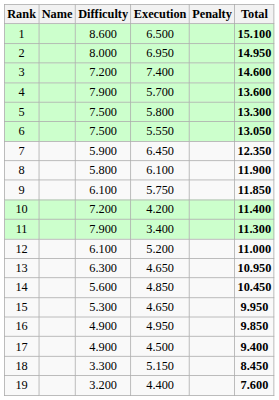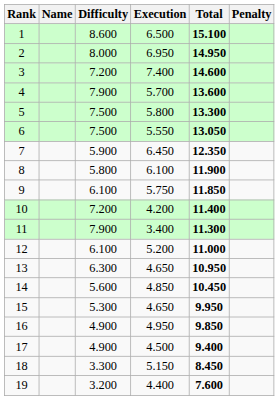 <table class="wikitable sortable" style="text-align:center">
 <tr>
 <th>Rank</th>
 <th>Name</th>
 <th>Difficulty</th>
 <th>Execution</th>
+<th>Total</th>
 <th>Penalty</th>
-<th>Total</th>
 </tr>
 <tr bgcolor=ccffcc>
 <td>1</td>
 <td align="left"></td>
 <td>8.600</td>
 <td>6.500</td>
+<td><strong>15.100</strong></td>
 <td></td>
-<td><strong>15.100</strong></td>
 </tr>
 <tr bgcolor=ccffcc>
 <td>2</td>
 <td align="left"></td>
 <td>8.000</td>
 <td>6.950</td>
+<td><strong>14.950</strong></td>
 <td></td>
-<td><strong>14.950</strong></td>
 </tr>
 <tr bgcolor=ccffcc>
 <td>3</td>
 <td align="left"></td>
 <td>7.200</td>
 <td>7.400</td>
+<td><strong>14.600</strong></td>
 <td></td>
-<td><strong>14.600</strong></td>
 </tr>
 <tr bgcolor=ccffcc>
 <td>4</td>
 <td align="left"></td>
 <td>7.900</td>
 <td>5.700</td>
+<td><strong>13.600</strong></td>
 <td></td>
-<td><strong>13.600</strong></td>
 </tr>
 <tr bgcolor=ccffcc>
 <td>5</td>
 <td align="left"></td>
 <td>7.500</td>
 <td>5.800</td>
+<td><strong>13.300</strong></td>
 <td></td>
-<td><strong>13.300</strong></td>
 </tr>
 <tr bgcolor=ccffcc>
 <td>6</td>
 <td align="left"></td>
 <td>7.500</td>
 <td>5.550</td>
+<td><strong>13.050</strong></td>
 <td></td>
-<td><strong>13.050</strong></td>
 </tr>
 <tr>
 <td>7</td>
 <td align="left"></td>
 <td>5.900</td>
 <td>6.450</td>
+<td><strong>12.350</strong></td>
 <td></td>
-<td><strong>12.350</strong></td>
 </tr>
 <tr>
 <td>8</td>
 <td align="left"></td>
 <td>5.800</td>
 <td>6.100</td>
+<td><strong>11.900</strong></td>
 <td></td>
-<td><strong>11.900</strong></td>
 </tr>
 <tr>
 <td>9</td>
 <td align="left"></td>
 <td>6.100</td>
 <td>5.750</td>
+<td><strong>11.850</strong></td>
 <td></td>
-<td><strong>11.850</strong></td>
 </tr>
 <tr bgcolor=ccffcc>
 <td>10</td>
 <td align="left"></td>
 <td>7.200</td>
 <td>4.200</td>
+<td><strong>11.400</strong></td>
 <td></td>
-<td><strong>11.400</strong></td>
 </tr>
 <tr bgcolor=ccffcc>
 <td>11</td>
 <td align="left"></td>
 <td>7.900</td>
 <td>3.400</td>
+<td><strong>11.300</strong></td>
 <td></td>
-<td><strong>11.300</strong></td>
 </tr>
 <tr>
 <td>12</td>
 <td align="left"></td>
 <td>6.100</td>
 <td>5.200</td>
+<td><strong>11.000</strong></td>
 <td></td>
-<td><strong>11.000</strong></td>
 </tr>
 <tr>
 <td>13</td>
 <td align="left"></td>
 <td>6.300</td>
 <td>4.650</td>
+<td><strong>10.950</strong></td>
 <td></td>
-<td><strong>10.950</strong></td>
 </tr>
 <tr>
 <td>14</td>
 <td align="left"></td>
 <td>5.600</td>
 <td>4.850</td>
+<td><strong>10.450</strong></td>
 <td></td>
-<td><strong>10.450</strong></td>
 </tr>
 <tr>
 <td>15</td>
 <td align="left"></td>
 <td>5.300</td>
 <td>4.650</td>
+<td><strong>9.950</strong></td>
 <td></td>
-<td><strong>9.950</strong></td>
 </tr>
 <tr>
 <td>16</td>
 <td align="left"></td>
 <td>4.900</td>
 <td>4.950</td>
+<td><strong>9.850</strong></td>
 <td></td>
-<td><strong>9.850</strong></td>
 </tr>
 <tr>
 <td>17</td>
 <td align="left"></td>
 <td>4.900</td>
 <td>4.500</td>
+<td><strong>9.400</strong></td>
 <td></td>
-<td><strong>9.400</strong></td>
 </tr>
 <tr>
 <td>18</td>
 <td align="left"></td>
 <td>3.300</td>
 <td>5.150</td>
+<td><strong>8.450</strong></td>
 <td></td>
-<td><strong>8.450</strong></td>
 </tr>
 <tr>
 <td>19</td>
 <td align="left"></td>
 <td>3.200</td>
 <td>4.400</td>
+<td><strong>7.600</strong></td>
 <td></td>
-<td><strong>7.600</strong></td>
 </tr>
 </table>
